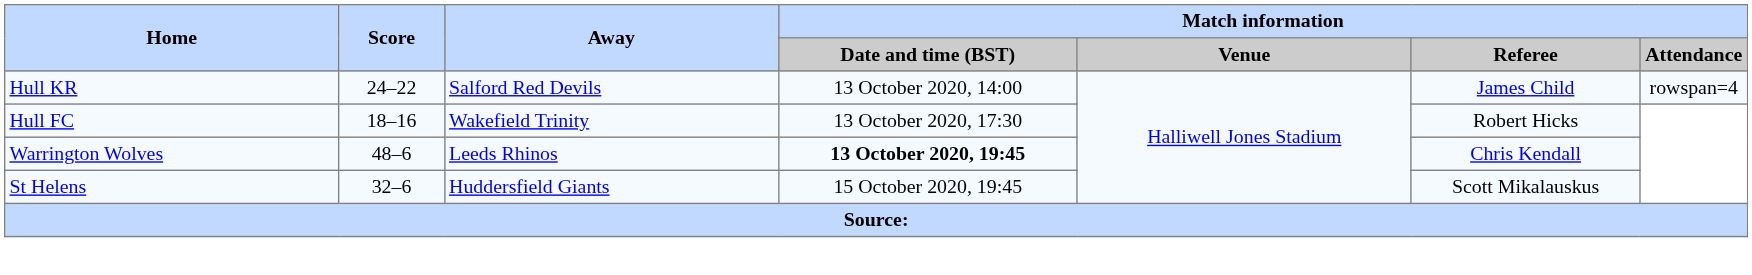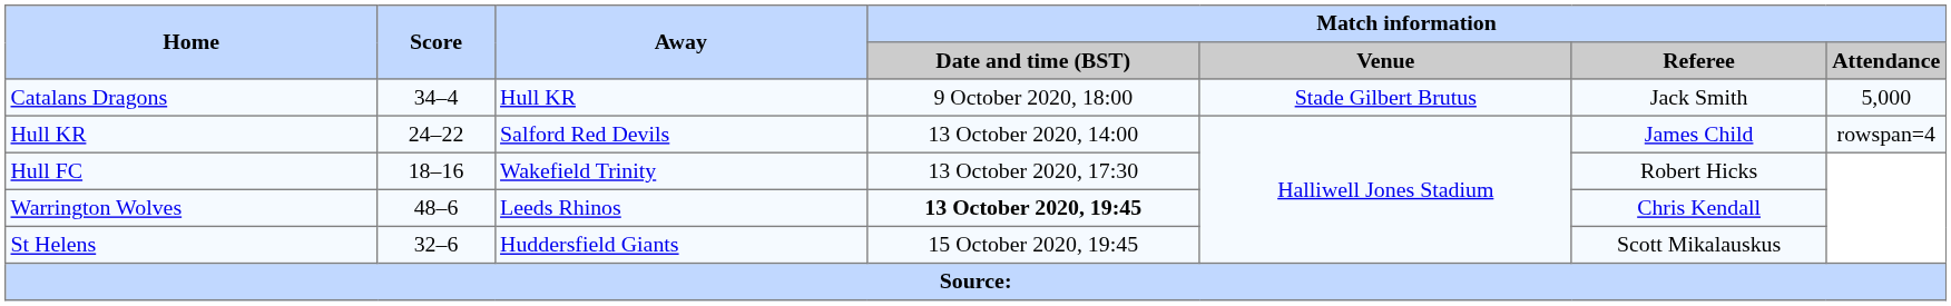 <table border=1 style="border-collapse:collapse; font-size:90%; text-align:center;" cellpadding=3 cellspacing=0 width=100%>
 <tr bgcolor=#C1D8FF>
 <th rowspan=2 width=19%>Home</th>
 <th rowspan=2 width=6%>Score</th>
 <th rowspan=2 width=19%>Away</th>
 <th colspan=4>Match information</th>
 </tr>
 <tr bgcolor=#CCCCCC>
 <th width=17%>Date and time (BST)</th>
 <th width=19%>Venue</th>
 <th width=13%>Referee</th>
 <th width=6%>Attendance</th>
+</tr>
+<tr bgcolor=#F5FAFF>
+<td align=left> <a href='#'>Catalans Dragons</a></td>
+<td>34–4</td>
+<td align=left> <a href='#'>Hull KR</a></td>
+<td>9 October 2020, 18:00</td>
+<td><a href='#'>Stade Gilbert Brutus</a></td>
+<td>Jack Smith</td>
+<td>5,000</td>
 </tr>
 <tr bgcolor=#F5FAFF>
 <td align=left> <a href='#'>Hull KR</a></td>
 <td>24–22</td>
 <td align=left> <a href='#'>Salford Red Devils</a></td>
 <td>13 October 2020, 14:00</td>
 <td rowspan=4><a href='#'>Halliwell Jones Stadium</a></td>
 <td><a href='#'>James Child</a></td>
 <td>rowspan=4</td>
 </tr>
 <tr bgcolor=#F5FAFF>
 <td align=left> <a href='#'>Hull FC</a></td>
 <td>18–16</td>
 <td align=left> <a href='#'>Wakefield Trinity</a></td>
 <td>13 October 2020, 17:30</td>
 <td>Robert Hicks</td>
 </tr>
 <tr bgcolor=#F5FAFF>
 <td align=left> <a href='#'>Warrington Wolves</a></td>
 <td>48–6</td>
 <td align=left> <a href='#'>Leeds Rhinos</a></td>
 <td><strong>13 October 2020, 19:45</strong></td>
 <td><a href='#'>Chris Kendall</a></td>
 </tr>
 <tr bgcolor=#F5FAFF>
 <td align=left> <a href='#'>St Helens</a></td>
 <td>32–6</td>
 <td align=left> <a href='#'>Huddersfield Giants</a></td>
 <td>15 October 2020, 19:45</td>
 <td>Scott Mikalauskus</td>
 </tr>
 <tr style="background:#c1d8ff;">
 <th colspan=7>Source:</th>
 </tr>
 </table>
